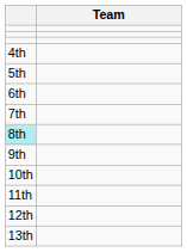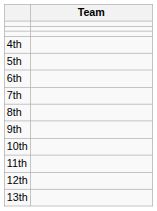 <table class="wikitable">
 <tr>
 <th width=20></th>
 <th width=175>Team</th>
 </tr>
 <tr>
 <td></td>
 <td></td>
 </tr>
 <tr>
 <td></td>
 <td></td>
 </tr>
 <tr>
 <td></td>
 <td></td>
 </tr>
 <tr>
 <td>4th</td>
 <td></td>
 </tr>
 <tr>
 <td>5th</td>
 <td></td>
 </tr>
 <tr>
 <td>6th</td>
 <td></td>
 </tr>
 <tr>
 <td>7th</td>
 <td></td>
 </tr>
 <tr>
-<td style="background: paleturquoise;">8th</td>
+<td>8th</td>
 <td></td>
 </tr>
 <tr>
 <td>9th</td>
 <td></td>
 </tr>
 <tr>
 <td>10th</td>
 <td></td>
 </tr>
 <tr>
 <td>11th</td>
 <td></td>
 </tr>
 <tr>
 <td>12th</td>
 <td></td>
 </tr>
 <tr>
 <td>13th</td>
 <td></td>
 </tr>
 </table>
